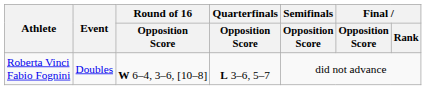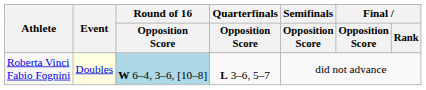 <table class=wikitable style="font-size:90%">
 <tr>
 <th rowspan="2">Athlete</th>
 <th rowspan="2">Event</th>
 <th>Round of 16</th>
 <th>Quarterfinals</th>
 <th>Semifinals</th>
 <th colspan=2>Final / </th>
 </tr>
 <tr style="font-size:95%">
 <th>Opposition<br>Score</th>
 <th>Opposition<br>Score</th>
 <th>Opposition<br>Score</th>
 <th>Opposition<br>Score</th>
 <th>Rank</th>
 </tr>
 <tr align=center>
 <td align=left><a href='#'>Roberta Vinci</a><br><a href='#'>Fabio Fognini</a></td>
-<td align=left><a href='#'>Doubles</a></td>
-<td><br><strong>W</strong> 6–4, 3–6, [10–8]</td>
+<td align=left style="background: lightyellow;"><a href='#'>Doubles</a></td>
+<td style="background: lightblue;"><br><strong>W</strong> 6–4, 3–6, [10–8]</td>
 <td><br><strong>L</strong> 3–6, 5–7</td>
 <td colspan=3>did not advance</td>
 </tr>
 </table>
